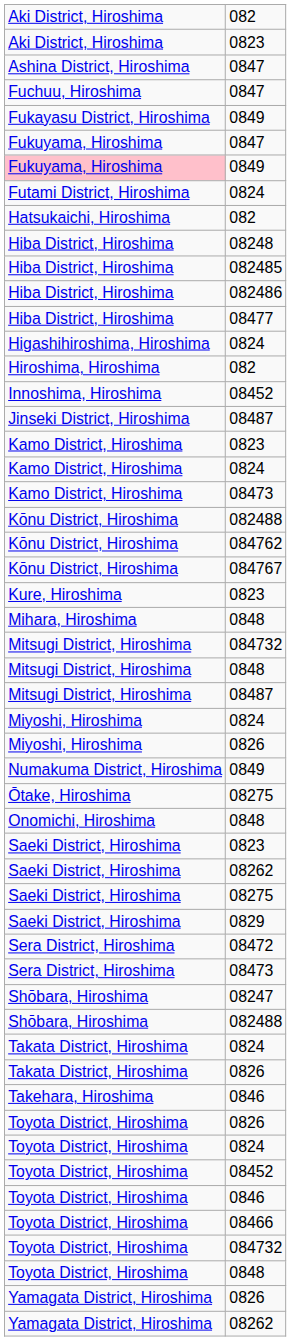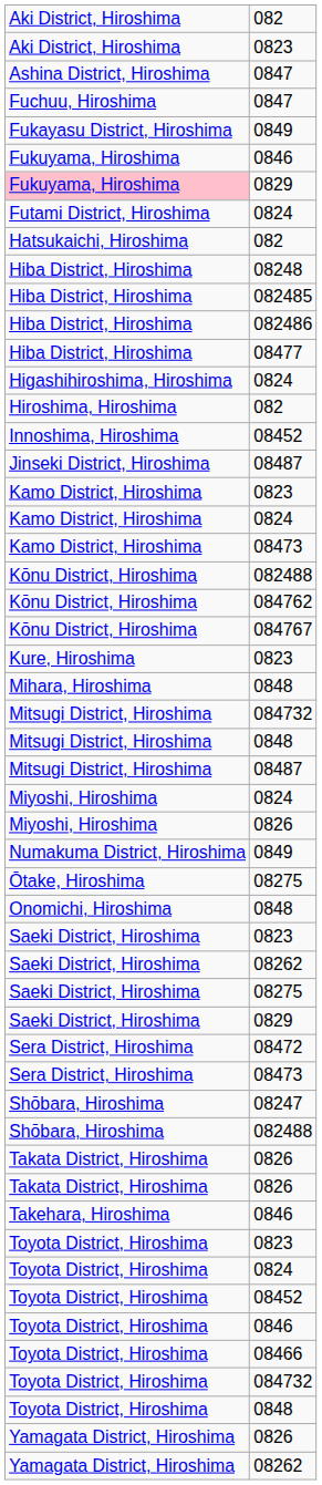 <table class="wikitable">
 <tr>
 <td><a href='#'>Aki District, Hiroshima</a></td>
 <td>082</td>
 </tr>
 <tr>
 <td><a href='#'>Aki District, Hiroshima</a></td>
 <td>0823</td>
 </tr>
 <tr>
 <td><a href='#'>Ashina District, Hiroshima</a></td>
 <td>0847</td>
 </tr>
 <tr>
 <td><a href='#'>Fuchuu, Hiroshima</a></td>
 <td>0847</td>
 </tr>
 <tr>
 <td><a href='#'>Fukayasu District, Hiroshima</a></td>
 <td>0849</td>
 </tr>
 <tr>
 <td><a href='#'>Fukuyama, Hiroshima</a></td>
-<td>0847</td>
+<td>0846</td>
 </tr>
 <tr>
 <td style="background: pink;"><a href='#'>Fukuyama, Hiroshima</a></td>
-<td>0849</td>
+<td>0829</td>
 </tr>
 <tr>
 <td><a href='#'>Futami District, Hiroshima</a></td>
 <td>0824</td>
 </tr>
 <tr>
 <td><a href='#'>Hatsukaichi, Hiroshima</a></td>
 <td>082</td>
 </tr>
 <tr>
 <td><a href='#'>Hiba District, Hiroshima</a></td>
 <td>08248</td>
 </tr>
 <tr>
 <td><a href='#'>Hiba District, Hiroshima</a></td>
 <td>082485</td>
 </tr>
 <tr>
 <td><a href='#'>Hiba District, Hiroshima</a></td>
 <td>082486</td>
 </tr>
 <tr>
 <td><a href='#'>Hiba District, Hiroshima</a></td>
 <td>08477</td>
 </tr>
 <tr>
 <td><a href='#'>Higashihiroshima, Hiroshima</a></td>
 <td>0824</td>
 </tr>
 <tr>
 <td><a href='#'>Hiroshima, Hiroshima</a></td>
 <td>082</td>
 </tr>
 <tr>
 <td><a href='#'>Innoshima, Hiroshima</a></td>
 <td>08452</td>
 </tr>
 <tr>
 <td><a href='#'>Jinseki District, Hiroshima</a></td>
 <td>08487</td>
 </tr>
 <tr>
 <td><a href='#'>Kamo District, Hiroshima</a></td>
 <td>0823</td>
 </tr>
 <tr>
 <td><a href='#'>Kamo District, Hiroshima</a></td>
 <td>0824</td>
 </tr>
 <tr>
 <td><a href='#'>Kamo District, Hiroshima</a></td>
 <td>08473</td>
 </tr>
 <tr>
 <td><a href='#'>Kōnu District, Hiroshima</a></td>
 <td>082488</td>
 </tr>
 <tr>
 <td><a href='#'>Kōnu District, Hiroshima</a></td>
 <td>084762</td>
 </tr>
 <tr>
 <td><a href='#'>Kōnu District, Hiroshima</a></td>
 <td>084767</td>
 </tr>
 <tr>
 <td><a href='#'>Kure, Hiroshima</a></td>
 <td>0823</td>
 </tr>
 <tr>
 <td><a href='#'>Mihara, Hiroshima</a></td>
 <td>0848</td>
 </tr>
 <tr>
 <td><a href='#'>Mitsugi District, Hiroshima</a></td>
 <td>084732</td>
 </tr>
 <tr>
 <td><a href='#'>Mitsugi District, Hiroshima</a></td>
 <td>0848</td>
 </tr>
 <tr>
 <td><a href='#'>Mitsugi District, Hiroshima</a></td>
 <td>08487</td>
 </tr>
 <tr>
 <td><a href='#'>Miyoshi, Hiroshima</a></td>
 <td>0824</td>
 </tr>
 <tr>
 <td><a href='#'>Miyoshi, Hiroshima</a></td>
 <td>0826</td>
 </tr>
 <tr>
 <td><a href='#'>Numakuma District, Hiroshima</a></td>
 <td>0849</td>
 </tr>
 <tr>
 <td><a href='#'>Ōtake, Hiroshima</a></td>
 <td>08275</td>
 </tr>
 <tr>
 <td><a href='#'>Onomichi, Hiroshima</a></td>
 <td>0848</td>
 </tr>
 <tr>
 <td><a href='#'>Saeki District, Hiroshima</a></td>
 <td>0823</td>
 </tr>
 <tr>
 <td><a href='#'>Saeki District, Hiroshima</a></td>
 <td>08262</td>
 </tr>
 <tr>
 <td><a href='#'>Saeki District, Hiroshima</a></td>
 <td>08275</td>
 </tr>
 <tr>
 <td><a href='#'>Saeki District, Hiroshima</a></td>
 <td>0829</td>
 </tr>
 <tr>
 <td><a href='#'>Sera District, Hiroshima</a></td>
 <td>08472</td>
 </tr>
 <tr>
 <td><a href='#'>Sera District, Hiroshima</a></td>
 <td>08473</td>
 </tr>
 <tr>
 <td><a href='#'>Shōbara, Hiroshima</a></td>
 <td>08247</td>
 </tr>
 <tr>
 <td><a href='#'>Shōbara, Hiroshima</a></td>
 <td>082488</td>
 </tr>
 <tr>
 <td><a href='#'>Takata District, Hiroshima</a></td>
-<td>0824</td>
+<td>0826</td>
 </tr>
 <tr>
 <td><a href='#'>Takata District, Hiroshima</a></td>
 <td>0826</td>
 </tr>
 <tr>
 <td><a href='#'>Takehara, Hiroshima</a></td>
 <td>0846</td>
 </tr>
 <tr>
 <td><a href='#'>Toyota District, Hiroshima</a></td>
-<td>0826</td>
+<td>0823</td>
 </tr>
 <tr>
 <td><a href='#'>Toyota District, Hiroshima</a></td>
 <td>0824</td>
 </tr>
 <tr>
 <td><a href='#'>Toyota District, Hiroshima</a></td>
 <td>08452</td>
 </tr>
 <tr>
 <td><a href='#'>Toyota District, Hiroshima</a></td>
 <td>0846</td>
 </tr>
 <tr>
 <td><a href='#'>Toyota District, Hiroshima</a></td>
 <td>08466</td>
 </tr>
 <tr>
 <td><a href='#'>Toyota District, Hiroshima</a></td>
 <td>084732</td>
 </tr>
 <tr>
 <td><a href='#'>Toyota District, Hiroshima</a></td>
 <td>0848</td>
 </tr>
 <tr>
 <td><a href='#'>Yamagata District, Hiroshima</a></td>
 <td>0826</td>
 </tr>
 <tr>
 <td><a href='#'>Yamagata District, Hiroshima</a></td>
 <td>08262</td>
 </tr>
 </table>
